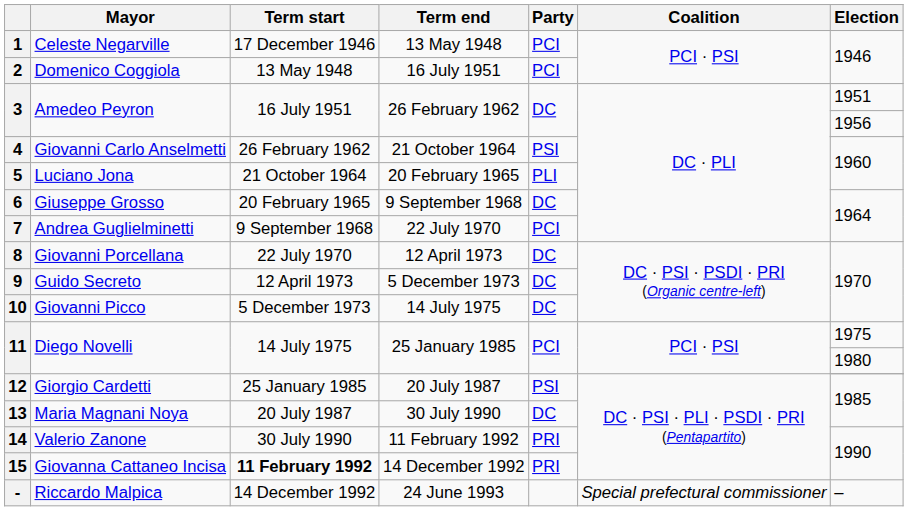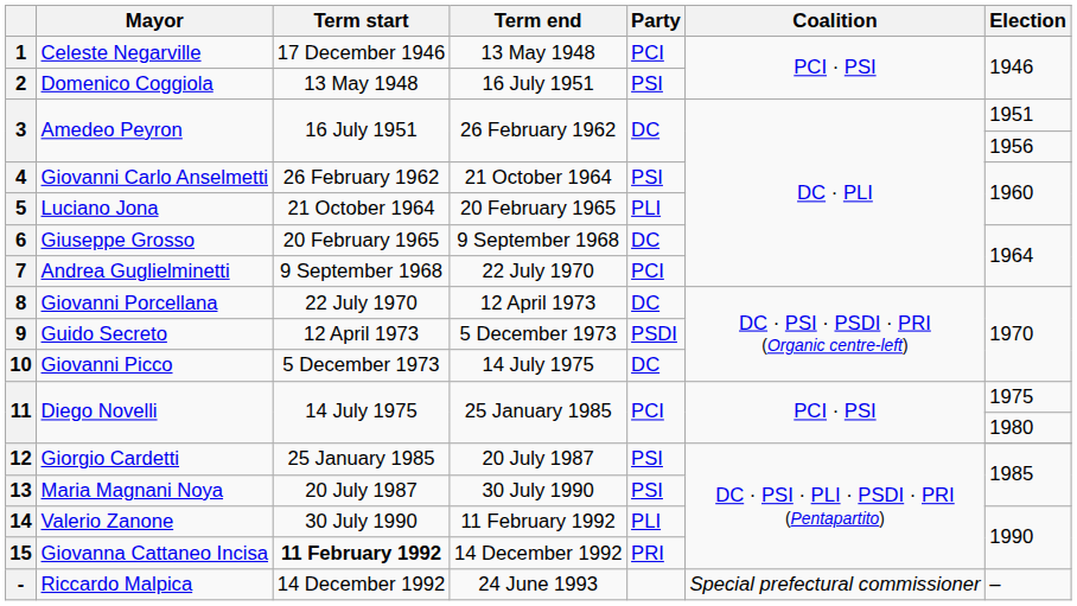 <table class="wikitable">
 <tr>
 <th class=unsortable> </th>
 <th>Mayor</th>
 <th>Term start</th>
 <th>Term end</th>
 <th>Party</th>
 <th>Coalition</th>
 <th>Election</th>
 </tr>
 <tr>
 <th style="background:">1</th>
 <td><a href='#'>Celeste Negarville</a></td>
 <td align=center>17 December 1946</td>
 <td align=center>13 May 1948</td>
 <td><a href='#'>PCI</a></td>
 <td align=center rowspan="2"><a href='#'>PCI</a> · <a href='#'>PSI</a></td>
 <td rowspan="2">1946</td>
 </tr>
 <tr>
 <th style="background:">2</th>
 <td><a href='#'>Domenico Coggiola</a></td>
 <td align=center>13 May 1948</td>
 <td align=center>16 July 1951</td>
-<td><a href='#'>PCI</a></td>
+<td><a href='#'>PSI</a></td>
 </tr>
 <tr>
 <th rowspan="3" style="background:">3</th>
 <td rowspan="3"><a href='#'>Amedeo Peyron</a></td>
 <td rowspan="3" align=center>16 July 1951</td>
 <td rowspan="3" align=center>26 February 1962</td>
 <td rowspan="3"><a href='#'>DC</a></td>
 <td align=center rowspan="7"><a href='#'>DC</a> · <a href='#'>PLI</a></td>
 <td>1951</td>
 </tr>
 <tr>
 <td>1956</td>
 </tr>
 <tr>
 <td rowspan="3">1960</td>
 </tr>
 <tr>
 <th style="background:">4</th>
 <td><a href='#'>Giovanni Carlo Anselmetti</a></td>
 <td align=center>26 February 1962</td>
 <td align=center>21 October 1964</td>
 <td><a href='#'>PSI</a></td>
 </tr>
 <tr>
 <th style="background:">5</th>
 <td><a href='#'>Luciano Jona</a></td>
 <td align=center>21 October 1964</td>
 <td align=center>20 February 1965</td>
 <td><a href='#'>PLI</a></td>
 </tr>
 <tr>
 <th style="background:">6</th>
 <td><a href='#'>Giuseppe Grosso</a></td>
 <td align=center>20 February 1965</td>
 <td align=center>9 September 1968</td>
 <td><a href='#'>DC</a></td>
 <td rowspan="2">1964</td>
 </tr>
 <tr>
 <th style="background:">7</th>
 <td><a href='#'>Andrea Guglielminetti</a></td>
 <td align=center>9 September 1968</td>
 <td align=center>22 July 1970</td>
 <td><a href='#'>PCI</a></td>
 </tr>
 <tr>
 <th style="background:">8</th>
 <td><a href='#'>Giovanni Porcellana</a></td>
 <td align=center>22 July 1970</td>
 <td align=center>12 April 1973</td>
 <td><a href='#'>DC</a></td>
 <td align=center rowspan="3"><a href='#'>DC</a> · <a href='#'>PSI</a> · <a href='#'>PSDI</a> · <a href='#'>PRI</a><br><small>(<em><a href='#'>Organic centre-left</a></em>)</small></td>
 <td rowspan="3">1970</td>
 </tr>
 <tr>
 <th style="background:">9</th>
 <td><a href='#'>Guido Secreto</a></td>
 <td align=center>12 April 1973</td>
 <td align=center>5 December 1973</td>
-<td><a href='#'>DC</a></td>
+<td><a href='#'>PSDI</a></td>
 </tr>
 <tr>
 <th style="background:">10</th>
 <td><a href='#'>Giovanni Picco</a></td>
 <td align=center>5 December 1973</td>
 <td align=center>14 July 1975</td>
 <td><a href='#'>DC</a></td>
 </tr>
 <tr>
 <th rowspan="2" style="background:">11</th>
 <td rowspan="2"><a href='#'>Diego Novelli</a></td>
 <td rowspan="2" align=center>14 July 1975</td>
 <td rowspan="2" align=center>25 January 1985</td>
 <td rowspan="2"><a href='#'>PCI</a></td>
 <td align=center rowspan="3"><a href='#'>PCI</a> · <a href='#'>PSI</a></td>
 <td>1975</td>
 </tr>
 <tr>
 <td>1980</td>
 </tr>
 <tr>
 <th rowspan="2" style="background:">12</th>
 <td rowspan="2"><a href='#'>Giorgio Cardetti</a></td>
 <td rowspan="2" align=center>25 January 1985</td>
 <td rowspan="2" align=center>20 July 1987</td>
 <td rowspan="2"><a href='#'>PSI</a></td>
 </tr>
 <tr>
 <td align=center rowspan="4"><a href='#'>DC</a> · <a href='#'>PSI</a> · <a href='#'>PLI</a> · <a href='#'>PSDI</a> · <a href='#'>PRI</a><br><small>(<em><a href='#'>Pentapartito</a></em>)</small></td>
 <td rowspan="2">1985</td>
 </tr>
 <tr>
 <th style="background:">13</th>
 <td><a href='#'>Maria Magnani Noya</a></td>
 <td align=center>20 July 1987</td>
 <td align=center>30 July 1990</td>
-<td><a href='#'>DC</a></td>
+<td><a href='#'>PSI</a></td>
 </tr>
 <tr>
 <th style="background:">14</th>
 <td><a href='#'>Valerio Zanone</a></td>
 <td align=center>30 July 1990</td>
 <td align=center>11 February 1992</td>
-<td><a href='#'>PRI</a></td>
+<td><a href='#'>PLI</a></td>
 <td rowspan="2">1990</td>
 </tr>
 <tr>
 <th style="background:">15</th>
 <td><a href='#'>Giovanna Cattaneo Incisa</a></td>
 <td align=center><strong>11 February 1992</strong></td>
 <td align=center>14 December 1992</td>
 <td><a href='#'>PRI</a></td>
 </tr>
 <tr>
 <th style="background:">-</th>
 <td><a href='#'>Riccardo Malpica</a></td>
 <td align=center>14 December 1992</td>
 <td align=center>24 June 1993</td>
 <td></td>
 <td><em>Special prefectural commissioner</em></td>
 <td>–</td>
 </tr>
 </table>
